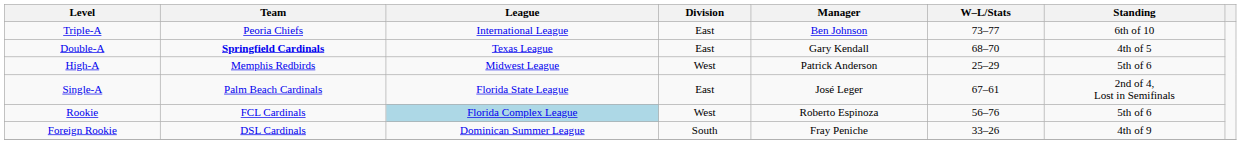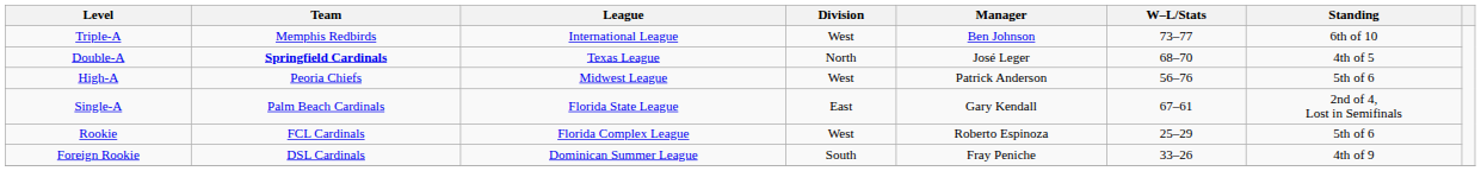 <table class="wikitable" style="width:90%; text-align:center;">
 <tr>
 <th>Level</th>
 <th>Team</th>
 <th>League</th>
 <th>Division</th>
 <th>Manager</th>
 <th>W–L/Stats</th>
 <th>Standing</th>
 <th></th>
 </tr>
 <tr>
 <td><a href='#'>Triple-A</a></td>
-<td><a href='#'>Peoria Chiefs</a></td>
+<td><a href='#'>Memphis Redbirds</a></td>
 <td><a href='#'>International League</a></td>
-<td>East</td>
+<td>West</td>
 <td><a href='#'>Ben Johnson</a></td>
 <td>73–77</td>
 <td>6th of 10</td>
 <td rowspan=6></td>
 </tr>
 <tr>
 <td><a href='#'>Double-A</a></td>
 <td><strong><a href='#'>Springfield Cardinals</a></strong></td>
 <td><a href='#'>Texas League</a></td>
-<td>East</td>
-<td>Gary Kendall</td>
+<td>North</td>
+<td>José Leger</td>
 <td>68–70</td>
 <td>4th of 5</td>
 </tr>
 <tr>
 <td><a href='#'>High-A</a></td>
-<td><a href='#'>Memphis Redbirds</a></td>
+<td><a href='#'>Peoria Chiefs</a></td>
 <td><a href='#'>Midwest League</a></td>
 <td>West</td>
 <td>Patrick Anderson</td>
-<td>25–29</td>
+<td>56–76</td>
 <td>5th of 6</td>
 </tr>
 <tr>
 <td><a href='#'>Single-A</a></td>
 <td><a href='#'>Palm Beach Cardinals</a></td>
 <td><a href='#'>Florida State League</a></td>
 <td>East</td>
-<td>José Leger</td>
+<td>Gary Kendall</td>
 <td>67–61</td>
 <td>2nd of 4,<br>Lost in Semifinals</td>
 </tr>
 <tr>
 <td><a href='#'>Rookie</a></td>
 <td><a href='#'>FCL Cardinals</a></td>
-<td style="background: lightblue;"><a href='#'>Florida Complex League</a></td>
+<td><a href='#'>Florida Complex League</a></td>
 <td>West</td>
 <td>Roberto Espinoza</td>
-<td>56–76</td>
+<td>25–29</td>
 <td>5th of 6</td>
 </tr>
 <tr>
 <td><a href='#'>Foreign Rookie</a></td>
 <td><a href='#'>DSL Cardinals</a></td>
 <td><a href='#'>Dominican Summer League</a></td>
 <td>South</td>
 <td>Fray Peniche</td>
 <td>33–26</td>
 <td>4th of 9</td>
 </tr>
 <tr>
 </tr>
 </table>
